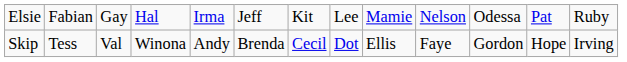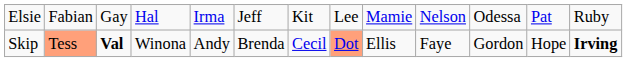 <table class="wikitable">
 <tr>
 <td>Elsie</td>
 <td>Fabian</td>
 <td>Gay</td>
 <td><a href='#'>Hal</a></td>
 <td><a href='#'>Irma</a></td>
 <td>Jeff</td>
 <td>Kit</td>
 <td>Lee</td>
 <td><a href='#'>Mamie</a></td>
 <td><a href='#'>Nelson</a></td>
 <td>Odessa</td>
 <td><a href='#'>Pat</a></td>
 <td>Ruby</td>
 </tr>
 <tr>
 <td>Skip</td>
-<td>Tess</td>
-<td>Val</td>
+<td style="background: lightsalmon;">Tess</td>
+<td><strong>Val</strong></td>
 <td>Winona</td>
 <td>Andy</td>
 <td>Brenda</td>
 <td><a href='#'>Cecil</a></td>
-<td><a href='#'>Dot</a></td>
+<td style="background: lightsalmon;"><a href='#'>Dot</a></td>
 <td>Ellis</td>
 <td>Faye</td>
 <td>Gordon</td>
 <td>Hope</td>
-<td>Irving</td>
+<td><strong>Irving</strong></td>
 </tr>
 </table>
